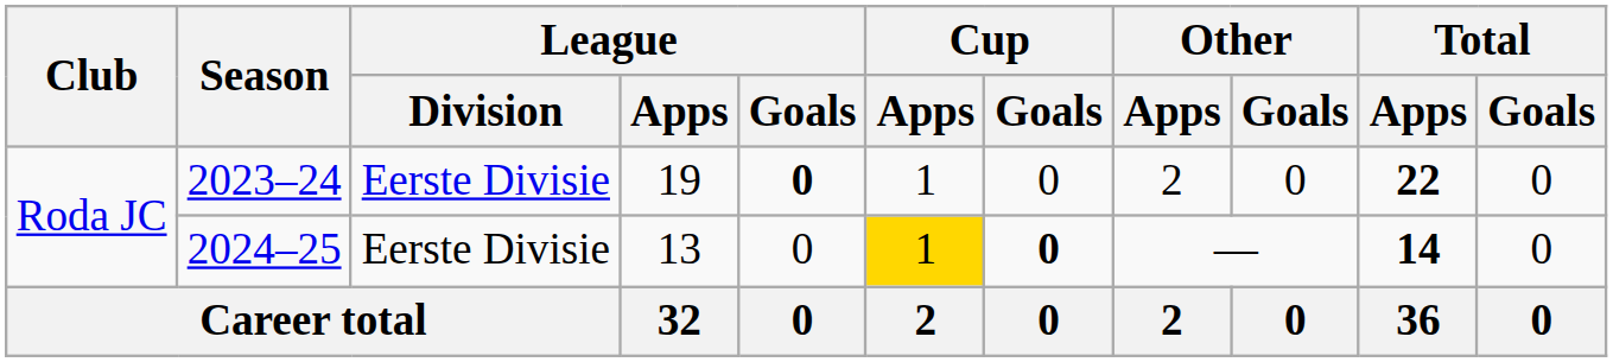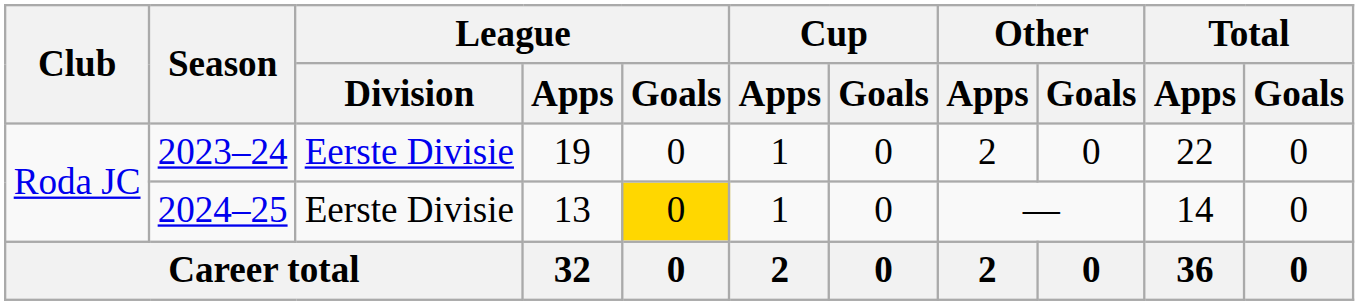 <table class="wikitable" style="text-align:center">
 <tr>
 <th rowspan="2">Club</th>
 <th rowspan="2">Season</th>
 <th colspan="3">League</th>
 <th colspan="2">Cup</th>
 <th colspan="2">Other</th>
 <th colspan="2">Total</th>
 </tr>
 <tr>
 <th>Division</th>
 <th>Apps</th>
 <th>Goals</th>
 <th>Apps</th>
 <th>Goals</th>
 <th>Apps</th>
 <th>Goals</th>
 <th>Apps</th>
 <th>Goals</th>
 </tr>
 <tr>
 <td rowspan="2"><a href='#'>Roda JC</a></td>
 <td><a href='#'>2023–24</a></td>
 <td><a href='#'>Eerste Divisie</a></td>
 <td>19</td>
-<td><strong>0</strong></td>
+<td>0</td>
 <td>1</td>
 <td>0</td>
 <td>2</td>
 <td>0</td>
-<td><strong>22</strong></td>
+<td>22</td>
 <td>0</td>
 </tr>
 <tr>
 <td><a href='#'>2024–25</a></td>
 <td>Eerste Divisie</td>
 <td>13</td>
+<td style="background: gold;">0</td>
+<td>1</td>
 <td>0</td>
-<td style="background: gold;">1</td>
-<td><strong>0</strong></td>
 <td colspan="2">—</td>
-<td><strong>14</strong></td>
+<td>14</td>
 <td>0</td>
 </tr>
 <tr>
 <th colspan="3">Career total</th>
 <th>32</th>
 <th>0</th>
 <th>2</th>
 <th>0</th>
 <th>2</th>
 <th>0</th>
 <th>36</th>
 <th>0</th>
 </tr>
 </table>
